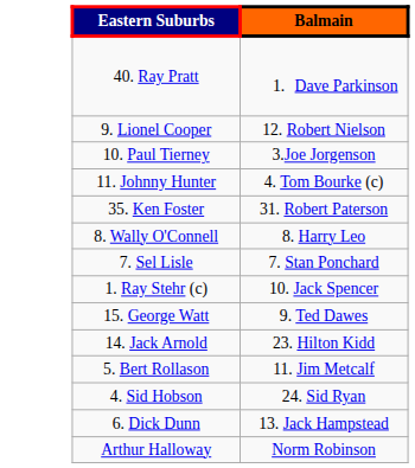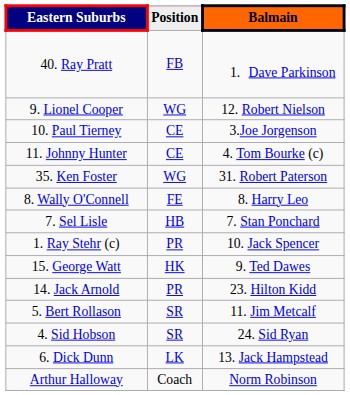 <table class="wikitable" style="float:right; font-size:90%; margin-left:1em;">
 <tr style="background:#f03;">
 <th style="width:140px; border:3px solid red; background: navy; color: white">Eastern Suburbs</th>
+<th style="width:40px; text-align:center; background:#eee; color:black;">Position</th>
 <th style="width:140px; border:3px solid black; background: #f60; color: black">Balmain</th>
 </tr>
 <tr align=center>
 <td>40. <a href='#'>Ray Pratt</a></td>
+<td><a href='#'>FB</a></td>
 <td><br><ol><li><a href='#'>Dave Parkinson</a></li></ol></td>
 </tr>
 <tr align=center>
 <td>9. <a href='#'>Lionel Cooper</a></td>
+<td><a href='#'>WG</a></td>
 <td>12. <a href='#'>Robert Nielson</a></td>
 </tr>
 <tr align=center>
 <td>10. <a href='#'>Paul Tierney</a></td>
+<td><a href='#'>CE</a></td>
 <td>3.<a href='#'>Joe Jorgenson</a></td>
 </tr>
 <tr align=center>
 <td>11. <a href='#'>Johnny Hunter</a></td>
+<td><a href='#'>CE</a></td>
 <td>4. <a href='#'>Tom Bourke</a> (c)</td>
 </tr>
 <tr align=center>
 <td>35. <a href='#'>Ken Foster</a></td>
+<td><a href='#'>WG</a></td>
 <td>31. <a href='#'>Robert Paterson</a></td>
 </tr>
 <tr align=center>
 <td>8. <a href='#'>Wally O'Connell</a></td>
+<td><a href='#'>FE</a></td>
 <td>8. <a href='#'>Harry Leo</a></td>
 </tr>
 <tr align=center>
 <td>7. <a href='#'>Sel Lisle</a></td>
+<td><a href='#'>HB</a></td>
 <td>7. <a href='#'>Stan Ponchard</a></td>
 </tr>
 <tr align=center>
 <td>1. <a href='#'>Ray Stehr</a> (c)</td>
+<td><a href='#'>PR</a></td>
 <td>10. <a href='#'>Jack Spencer</a></td>
 </tr>
 <tr align=center>
 <td>15. <a href='#'>George Watt</a></td>
+<td><a href='#'>HK</a></td>
 <td>9. <a href='#'>Ted Dawes</a></td>
 </tr>
 <tr align=center>
 <td>14. <a href='#'>Jack Arnold</a></td>
+<td><a href='#'>PR</a></td>
 <td>23. <a href='#'>Hilton Kidd</a></td>
 </tr>
 <tr align=center>
 <td>5. <a href='#'>Bert Rollason</a></td>
+<td><a href='#'>SR</a></td>
 <td>11. <a href='#'>Jim Metcalf</a></td>
 </tr>
 <tr align=center>
 <td>4. <a href='#'>Sid Hobson</a></td>
+<td><a href='#'>SR</a></td>
 <td>24. <a href='#'>Sid Ryan</a></td>
 </tr>
 <tr align=center>
 <td>6. <a href='#'>Dick Dunn</a></td>
+<td><a href='#'>LK</a></td>
 <td>13. <a href='#'>Jack Hampstead</a></td>
 </tr>
 <tr align=center>
 <td><a href='#'>Arthur Halloway</a></td>
+<td>Coach</td>
 <td><a href='#'>Norm Robinson</a></td>
 </tr>
 </table>
